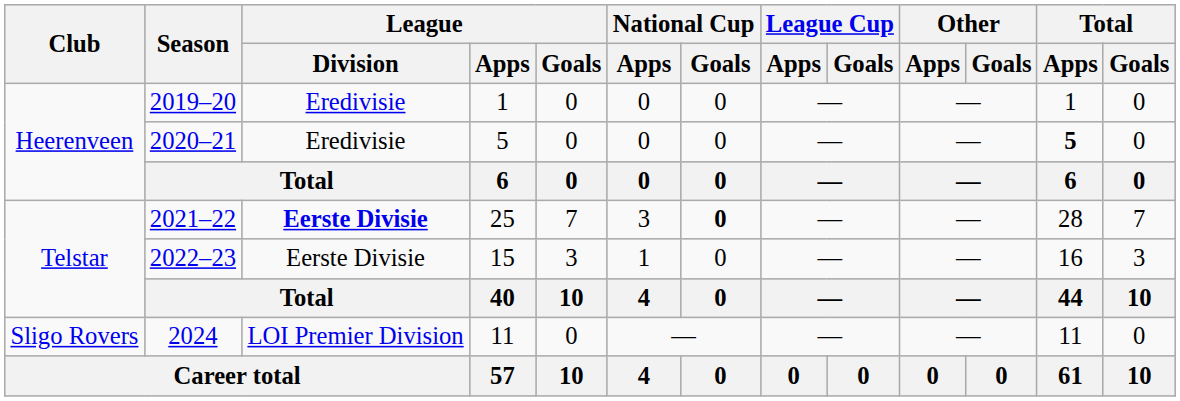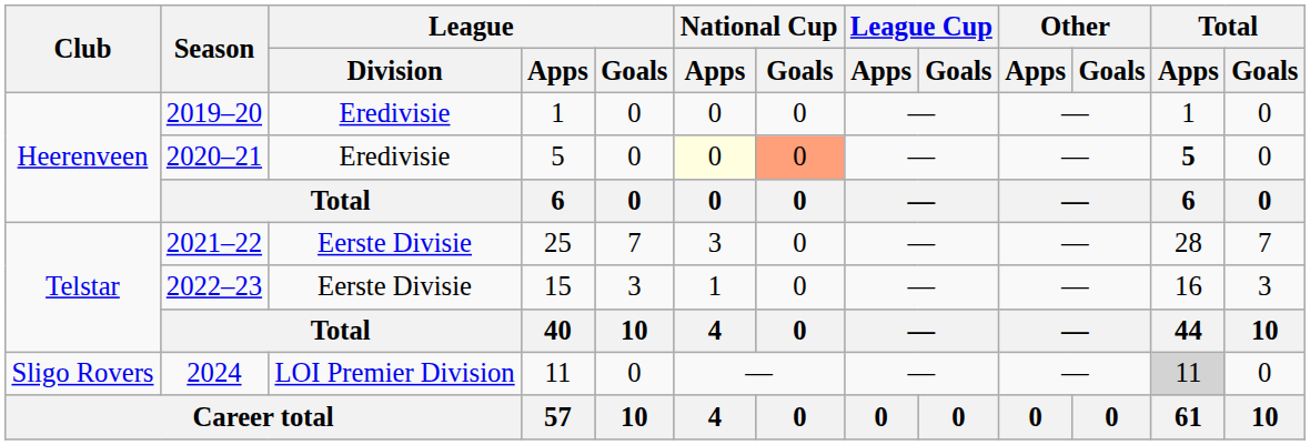 <table class="wikitable" style="text-align:center">
 <tr>
 <th rowspan="2">Club</th>
 <th rowspan="2">Season</th>
 <th colspan="3">League</th>
 <th colspan="2">National Cup</th>
 <th colspan="2"><a href='#'>League Cup</a></th>
 <th colspan="2">Other</th>
 <th colspan="2">Total</th>
 </tr>
 <tr>
 <th>Division</th>
 <th>Apps</th>
 <th>Goals</th>
 <th>Apps</th>
 <th>Goals</th>
 <th>Apps</th>
 <th>Goals</th>
 <th>Apps</th>
 <th>Goals</th>
 <th>Apps</th>
 <th>Goals</th>
 </tr>
 <tr>
 <td rowspan="3"><a href='#'>Heerenveen</a></td>
 <td><a href='#'>2019–20</a></td>
 <td><a href='#'>Eredivisie</a></td>
 <td>1</td>
 <td>0</td>
 <td>0</td>
 <td>0</td>
 <td colspan="2">—</td>
 <td colspan="2">—</td>
 <td>1</td>
 <td>0</td>
 </tr>
 <tr>
 <td><a href='#'>2020–21</a></td>
 <td>Eredivisie</td>
 <td>5</td>
 <td>0</td>
-<td>0</td>
-<td>0</td>
+<td style="background: lightyellow;">0</td>
+<td style="background: lightsalmon;">0</td>
 <td colspan="2">—</td>
 <td colspan="2">—</td>
 <td><strong>5</strong></td>
 <td>0</td>
 </tr>
 <tr>
 <th colspan="2">Total</th>
 <th>6</th>
 <th>0</th>
 <th>0</th>
 <th>0</th>
 <th colspan="2">—</th>
 <th colspan="2">—</th>
 <th>6</th>
 <th>0</th>
 </tr>
 <tr>
 <td rowspan="3"><a href='#'>Telstar</a></td>
 <td><a href='#'>2021–22</a></td>
-<td><strong><a href='#'>Eerste Divisie</a></strong></td>
+<td><a href='#'>Eerste Divisie</a></td>
 <td>25</td>
 <td>7</td>
 <td>3</td>
-<td><strong>0</strong></td>
+<td>0</td>
 <td colspan="2">—</td>
 <td colspan="2">—</td>
 <td>28</td>
 <td>7</td>
 </tr>
 <tr>
 <td><a href='#'>2022–23</a></td>
 <td>Eerste Divisie</td>
 <td>15</td>
 <td>3</td>
 <td>1</td>
 <td>0</td>
 <td colspan="2">—</td>
 <td colspan="2">—</td>
 <td>16</td>
 <td>3</td>
 </tr>
 <tr>
 <th colspan="2">Total</th>
 <th>40</th>
 <th>10</th>
 <th>4</th>
 <th>0</th>
 <th colspan="2">—</th>
 <th colspan="2">—</th>
 <th>44</th>
 <th>10</th>
 </tr>
 <tr>
 <td rowspan="1"><a href='#'>Sligo Rovers</a></td>
 <td><a href='#'>2024</a></td>
 <td><a href='#'>LOI Premier Division</a></td>
 <td>11</td>
 <td>0</td>
 <td colspan="2">—</td>
 <td colspan="2">—</td>
 <td colspan="2">—</td>
-<td>11</td>
+<td style="background: lightgrey;">11</td>
 <td>0</td>
 </tr>
 <tr>
 <th colspan="3">Career total</th>
 <th>57</th>
 <th>10</th>
 <th>4</th>
 <th>0</th>
 <th>0</th>
 <th>0</th>
 <th>0</th>
 <th>0</th>
 <th>61</th>
 <th>10</th>
 </tr>
 </table>
